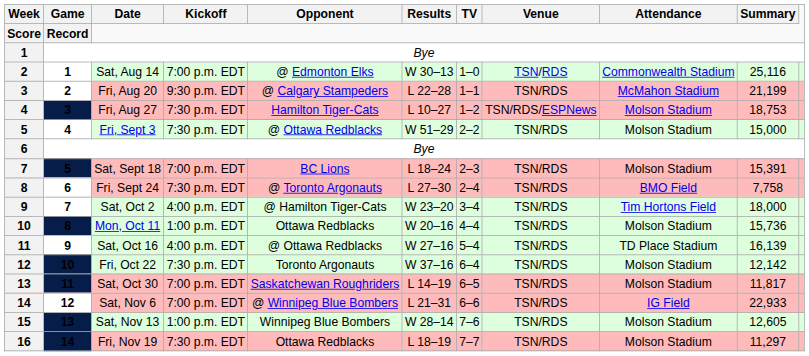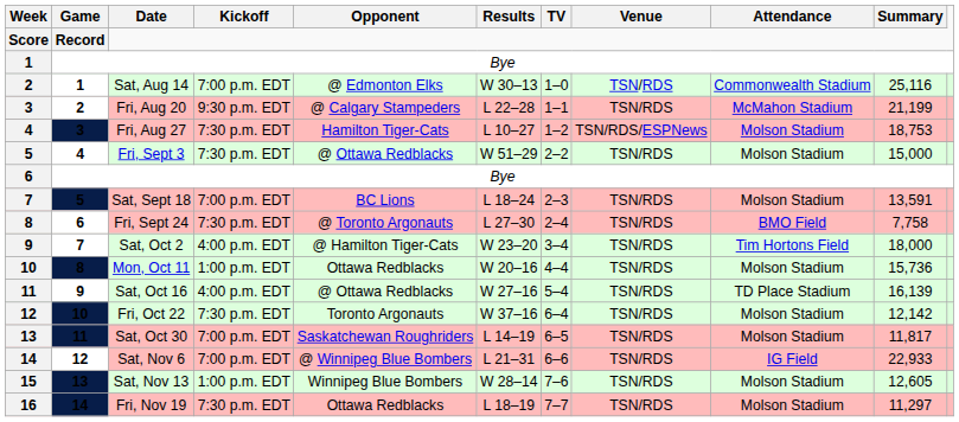 <table class="wikitable" style="font-size: 95%;">
 <tr>
 <th scope="col">Week</th>
 <th scope="col">Game</th>
 <th scope="col">Date</th>
 <th scope="col">Kickoff</th>
 <th scope="col">Opponent</th>
 <th scope="col">Results</th>
 <th scope="col">TV</th>
 <th scope="col">Venue</th>
 <th scope="col">Attendance</th>
 <th scope="col">Summary</th>
 </tr>
 <tr>
 <th scope="col">Score</th>
 <th scope="col">Record</th>
 </tr>
 <tr align="center"= bgcolor="ffffff">
 <th align="center">1</th>
 <td colspan=10 align="center" valign="middle"><em>Bye</em></td>
 </tr>
 <tr align="center"= bgcolor="ddffdd">
 <th align="center">2</th>
 <th style="text-align:center; background:white;"><span>1</span></th>
 <td align="center">Sat, Aug 14</td>
 <td align="center">7:00 p.m. EDT</td>
 <td align="center">@ <a href='#'>Edmonton Elks</a></td>
 <td align="center">W 30–13</td>
 <td align="center">1–0</td>
 <td align="center"><a href='#'>TSN</a>/<a href='#'>RDS</a></td>
 <td align="center"><a href='#'>Commonwealth Stadium</a></td>
 <td align="center">25,116</td>
 <td align="center"></td>
 </tr>
 <tr align="center"= bgcolor="ffbbbb">
 <th align="center">3</th>
 <th style="text-align:center; background:white;"><span>2</span></th>
 <td align="center">Fri, Aug 20</td>
 <td align="center">9:30 p.m. EDT</td>
 <td align="center">@ <a href='#'>Calgary Stampeders</a></td>
 <td align="center">L 22–28</td>
 <td align="center">1–1</td>
 <td align="center">TSN/RDS</td>
 <td align="center"><a href='#'>McMahon Stadium</a></td>
 <td align="center">21,199</td>
 <td align="center"></td>
 </tr>
 <tr align="center"= bgcolor="ffbbbb">
 <th align="center">4</th>
 <th style="text-align:center; background:#071D49;"><span>3</span></th>
 <td align="center">Fri, Aug 27</td>
 <td align="center">7:30 p.m. EDT</td>
 <td align="center"><a href='#'>Hamilton Tiger-Cats</a></td>
 <td align="center">L 10–27</td>
 <td align="center">1–2</td>
 <td align="center">TSN/RDS/<a href='#'>ESPNews</a></td>
 <td align="center"><a href='#'>Molson Stadium</a></td>
 <td align="center">18,753</td>
 <td align="center"></td>
 </tr>
 <tr align="center"= bgcolor="ddffdd">
 <th align="center">5</th>
 <th style="text-align:center; background:white;"><span>4</span></th>
 <td align="center"><a href='#'>Fri, Sept 3</a></td>
 <td align="center">7:30 p.m. EDT</td>
 <td align="center">@ <a href='#'>Ottawa Redblacks</a></td>
 <td align="center">W 51–29</td>
 <td align="center">2–2</td>
 <td align="center">TSN/RDS</td>
 <td align="center">Molson Stadium</td>
 <td align="center">15,000</td>
 <td align="center"></td>
 </tr>
 <tr align="center"= bgcolor="ffffff">
 <th align="center">6</th>
 <td colspan=10 align="center" valign="middle"><em>Bye</em></td>
 </tr>
 <tr align="center"= bgcolor="ffbbbb">
 <th align="center">7</th>
 <th style="text-align:center; background:#071D49;"><span>5</span></th>
 <td align="center">Sat, Sept 18</td>
 <td align="center">7:00 p.m. EDT</td>
 <td align="center"><a href='#'>BC Lions</a></td>
 <td align="center">L 18–24</td>
 <td align="center">2–3</td>
 <td align="center">TSN/RDS</td>
 <td align="center">Molson Stadium</td>
-<td align="center">15,391</td>
+<td align="center">13,591</td>
 <td align="center"></td>
 </tr>
 <tr align="center"= bgcolor="ffbbbb">
 <th align="center">8</th>
 <th style="text-align:center; background:white;"><span>6</span></th>
 <td align="center">Fri, Sept 24</td>
 <td align="center">7:30 p.m. EDT</td>
 <td align="center">@ <a href='#'>Toronto Argonauts</a></td>
 <td align="center">L 27–30</td>
 <td align="center">2–4</td>
 <td align="center">TSN/RDS</td>
 <td align="center"><a href='#'>BMO Field</a></td>
 <td align="center">7,758</td>
 <td align="center"></td>
 </tr>
 <tr align="center"= bgcolor="ddffdd">
 <th align="center">9</th>
 <th style="text-align:center; background:white;"><span>7</span></th>
 <td align="center">Sat, Oct 2</td>
 <td align="center">4:00 p.m. EDT</td>
 <td align="center">@ Hamilton Tiger-Cats</td>
 <td align="center">W 23–20 </td>
 <td align="center">3–4</td>
 <td align="center">TSN/RDS</td>
 <td align="center"><a href='#'>Tim Hortons Field</a></td>
 <td align="center">18,000</td>
 <td align="center"></td>
 </tr>
 <tr align="center"= bgcolor="ddffdd">
 <th align="center">10</th>
 <th style="text-align:center; background:#071D49;"><span>8</span></th>
 <td align="center"><a href='#'>Mon, Oct 11</a></td>
 <td align="center">1:00 p.m. EDT</td>
 <td align="center">Ottawa Redblacks</td>
 <td align="center">W 20–16</td>
 <td align="center">4–4</td>
 <td align="center">TSN/RDS</td>
 <td align="center">Molson Stadium</td>
 <td align="center">15,736</td>
 <td align="center"></td>
 </tr>
 <tr align="center"= bgcolor="ddffdd">
 <th align="center">11</th>
 <th style="text-align:center; background:white;"><span>9</span></th>
 <td align="center">Sat, Oct 16</td>
 <td align="center">4:00 p.m. EDT</td>
 <td align="center">@ Ottawa Redblacks</td>
 <td align="center">W 27–16</td>
 <td align="center">5–4</td>
 <td align="center">TSN/RDS</td>
 <td align="center">TD Place Stadium</td>
 <td align="center">16,139</td>
 <td align="center"></td>
 </tr>
 <tr align="center"= bgcolor="ddffdd">
 <th align="center">12</th>
 <th style="text-align:center; background:#071D49;"><span>10</span></th>
 <td align="center">Fri, Oct 22</td>
 <td align="center">7:30 p.m. EDT</td>
 <td align="center">Toronto Argonauts</td>
 <td align="center">W 37–16</td>
 <td align="center">6–4</td>
 <td align="center">TSN/RDS</td>
 <td align="center">Molson Stadium</td>
 <td align="center">12,142</td>
 <td align="center"></td>
 </tr>
 <tr align="center"= bgcolor="ffbbbb">
 <th align="center">13</th>
 <th style="text-align:center; background:#071D49;"><span>11</span></th>
 <td align="center">Sat, Oct 30</td>
 <td align="center">7:00 p.m. EDT</td>
 <td align="center"><a href='#'>Saskatchewan Roughriders</a></td>
 <td align="center">L 14–19</td>
 <td align="center">6–5</td>
 <td align="center">TSN/RDS</td>
 <td align="center">Molson Stadium</td>
 <td align="center">11,817</td>
 <td align="center"></td>
 </tr>
 <tr align="center"= bgcolor="ffbbbb">
 <th align="center">14</th>
 <th style="text-align:center; background:white;"><span>12</span></th>
 <td align="center">Sat, Nov 6</td>
 <td align="center">7:00 p.m. EDT</td>
 <td align="center">@ <a href='#'>Winnipeg Blue Bombers</a></td>
 <td align="center">L 21–31</td>
 <td align="center">6–6</td>
 <td align="center">TSN/RDS</td>
 <td align="center"><a href='#'>IG Field</a></td>
 <td align="center">22,933</td>
 <td align="center"></td>
 </tr>
 <tr align="center"= bgcolor="ddffdd">
 <th align="center">15</th>
 <th style="text-align:center; background:#071D49;"><span>13</span></th>
 <td align="center">Sat, Nov 13</td>
 <td align="center">1:00 p.m. EDT</td>
 <td align="center">Winnipeg Blue Bombers</td>
 <td align="center">W 28–14</td>
 <td align="center">7–6</td>
 <td align="center">TSN/RDS</td>
 <td align="center">Molson Stadium</td>
 <td align="center">12,605</td>
 <td align="center"></td>
 </tr>
 <tr align="center"= bgcolor="ffbbbb">
 <th align="center">16</th>
 <th style="text-align:center; background:#071D49;"><span>14</span></th>
 <td align="center">Fri, Nov 19</td>
 <td align="center">7:30 p.m. EDT</td>
 <td align="center">Ottawa Redblacks</td>
 <td align="center">L 18–19</td>
 <td align="center">7–7</td>
 <td align="center">TSN/RDS</td>
 <td align="center">Molson Stadium</td>
 <td align="center">11,297</td>
 <td align="center"></td>
 </tr>
 </table>
